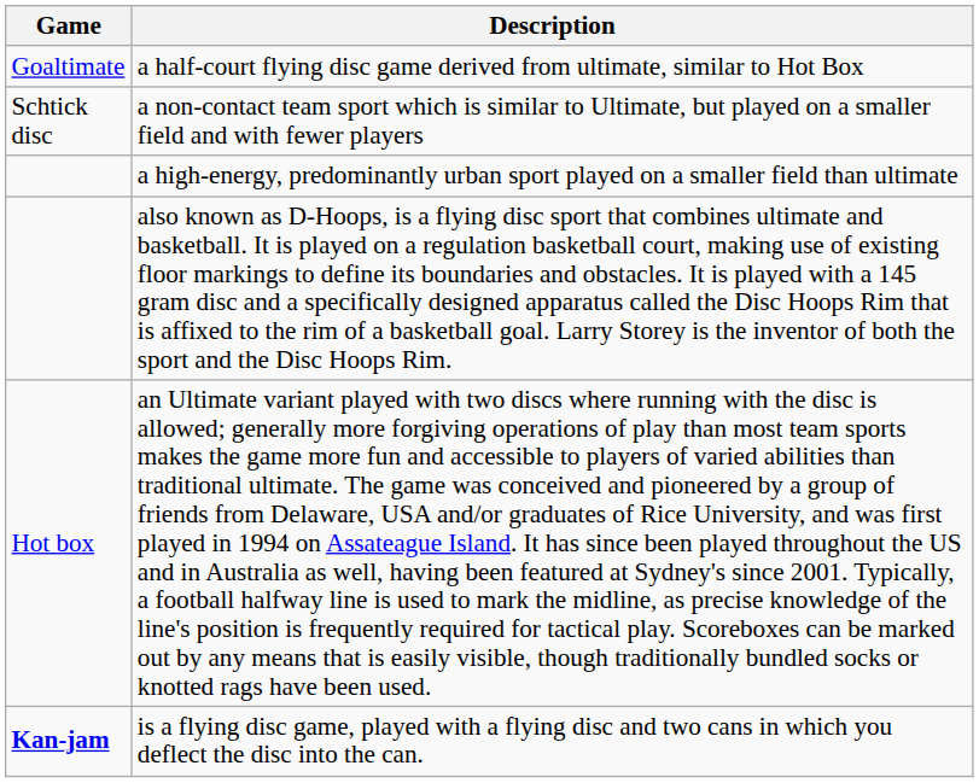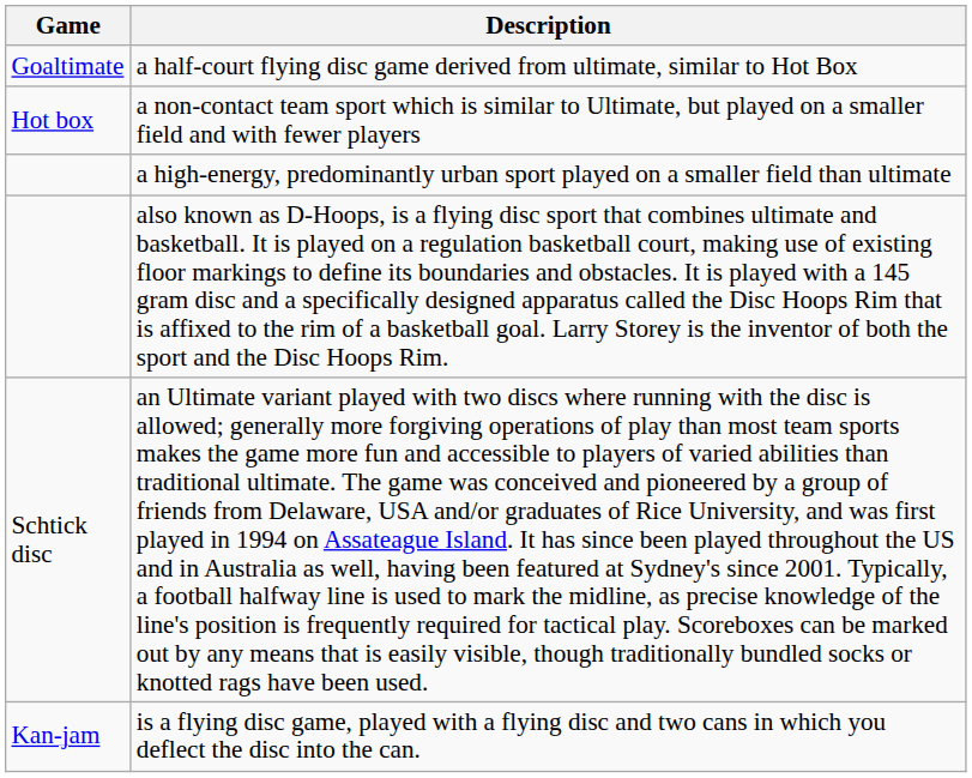 <table class="wikitable">
 <tr>
 <th>Game</th>
 <th>Description</th>
 </tr>
 <tr>
 <td><a href='#'>Goaltimate</a></td>
 <td>a half-court flying disc game derived from ultimate, similar to Hot Box</td>
 </tr>
 <tr>
-<td>Schtick disc</td>
+<td><a href='#'>Hot box</a></td>
 <td>a non-contact team sport which is similar to Ultimate, but played on a smaller field and with fewer players</td>
 </tr>
 <tr>
 <td></td>
 <td>a high-energy, predominantly urban sport played on a smaller field than ultimate</td>
 </tr>
 <tr>
 <td></td>
 <td>also known as D-Hoops, is a flying disc sport that combines ultimate and basketball. It is played on a regulation basketball court, making use of existing floor markings to define its boundaries and obstacles. It is played with a 145 gram disc and a specifically designed apparatus called the Disc Hoops Rim that is affixed to the rim of a basketball goal. Larry Storey is the inventor of both the sport and the Disc Hoops Rim.</td>
 </tr>
 <tr>
-<td><a href='#'>Hot box</a></td>
+<td>Schtick disc</td>
 <td>an Ultimate variant played with two discs where running with the disc is allowed; generally more forgiving operations of play than most team sports makes the game more fun and accessible to players of varied abilities than traditional ultimate. The game was conceived and pioneered by a group of friends from Delaware, USA and/or graduates of Rice University, and was first played in 1994 on <a href='#'>Assateague Island</a>. It has since been played throughout the US and in Australia as well, having been featured at Sydney's  since 2001. Typically, a football halfway line is used to mark the midline, as precise knowledge of the line's position is frequently required for tactical play. Scoreboxes can be marked out by any means that is easily visible, though traditionally bundled socks or knotted rags have been used.</td>
 </tr>
 <tr>
-<td><strong><a href='#'>Kan-jam</a></strong></td>
+<td><a href='#'>Kan-jam</a></td>
 <td>is a flying disc game, played with a flying disc and two cans in which you deflect the disc into the can.</td>
 </tr>
 </table>
